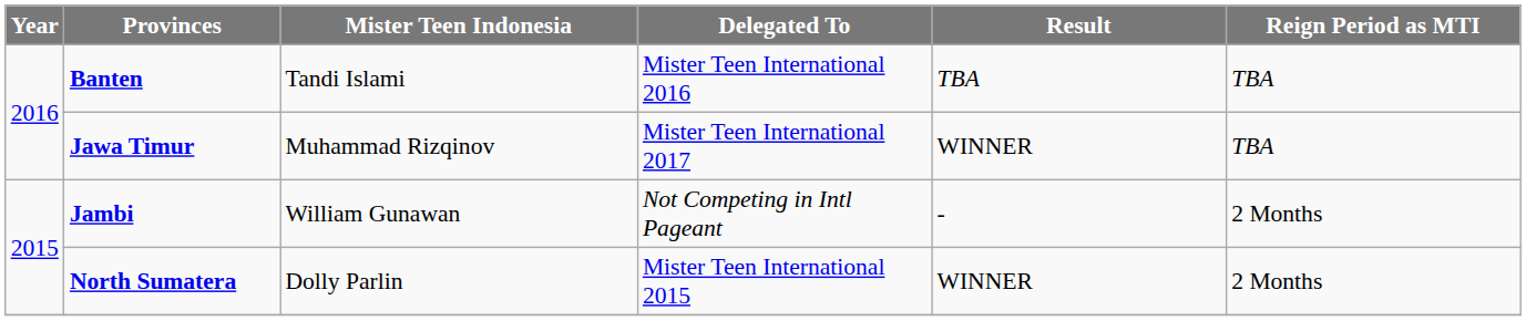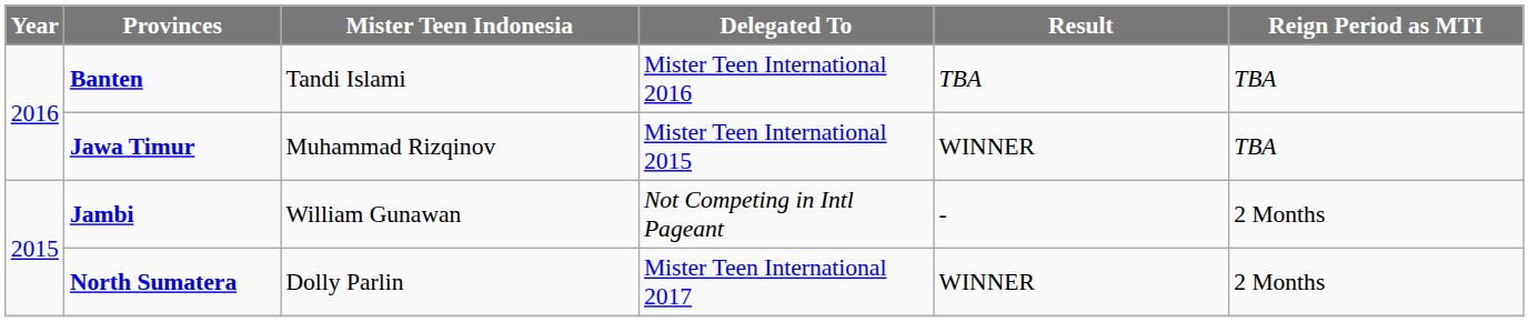 <table class="wikitable sortable" style="font-size: 95%;">
 <tr>
 <th width="30" style="background-color:#787878;color:#FFFFFF;">Year</th>
 <th width="130" style="background-color:#787878;color:#FFFFFF;">Provinces</th>
 <th width="220" style="background-color:#787878;color:#FFFFFF;">Mister Teen Indonesia</th>
 <th width="180" style="background-color:#787878;color:#FFFFFF;">Delegated To</th>
 <th width="180" style="background-color:#787878;color:#FFFFFF;">Result</th>
 <th width="180" style="background-color:#787878;color:#FFFFFF;">Reign Period as MTI</th>
 </tr>
 <tr>
 <td rowspan="2"><a href='#'>2016</a></td>
 <td> <strong><a href='#'>Banten</a></strong></td>
 <td>Tandi Islami</td>
 <td><a href='#'>Mister Teen International 2016</a></td>
 <td><em>TBA</em></td>
 <td><em>TBA</em></td>
 </tr>
 <tr>
 <td> <a href='#'><strong>Jawa Timur</strong></a></td>
 <td>Muhammad Rizqinov</td>
-<td><a href='#'>Mister Teen International 2017</a></td>
+<td><a href='#'>Mister Teen International 2015</a></td>
 <td>WINNER</td>
 <td><em>TBA</em></td>
 </tr>
 <tr>
 <td rowspan="2"><a href='#'>2015</a></td>
 <td><strong><a href='#'>Jambi</a></strong></td>
 <td>William Gunawan</td>
 <td><em>Not Competing in Intl Pageant</em></td>
 <td>-</td>
 <td>2 Months</td>
 </tr>
 <tr>
 <td><strong><a href='#'>North Sumatera</a></strong></td>
 <td>Dolly Parlin</td>
-<td><a href='#'>Mister Teen International 2015</a></td>
+<td><a href='#'>Mister Teen International 2017</a></td>
 <td>WINNER</td>
 <td>2 Months</td>
 </tr>
 <tr>
 </tr>
 </table>
